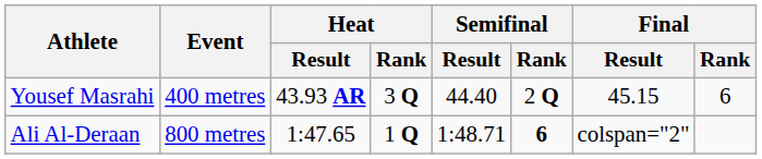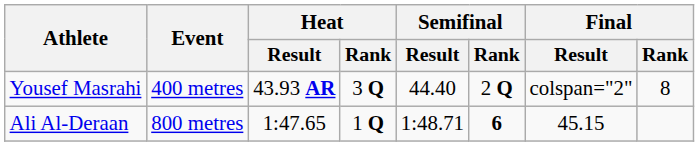 <table class="wikitable" style="font-size:90%">
 <tr>
 <th rowspan="2">Athlete</th>
 <th rowspan="2">Event</th>
 <th colspan="2">Heat</th>
 <th colspan="2">Semifinal</th>
 <th colspan="2">Final</th>
 </tr>
 <tr style="font-size:95%">
 <th>Result</th>
 <th>Rank</th>
 <th>Result</th>
 <th>Rank</th>
 <th>Result</th>
 <th>Rank</th>
 </tr>
 <tr style=text-align:center>
 <td style=text-align:left><a href='#'>Yousef Masrahi</a></td>
 <td style=text-align:left><a href='#'>400 metres</a></td>
 <td>43.93 <strong><a href='#'>AR</a></strong></td>
 <td>3 <strong>Q</strong></td>
 <td>44.40</td>
 <td>2 <strong>Q</strong></td>
-<td>45.15</td>
-<td>6</td>
+<td>colspan="2" </td>
+<td>8</td>
 </tr>
 <tr style=text-align:center>
 <td style=text-align:left><a href='#'>Ali Al-Deraan</a></td>
 <td style=text-align:left><a href='#'>800 metres</a></td>
 <td>1:47.65</td>
 <td>1 <strong>Q</strong></td>
 <td>1:48.71</td>
 <td><strong>6</strong></td>
-<td>colspan="2" </td>
+<td>45.15</td>
 </tr>
 </table>
